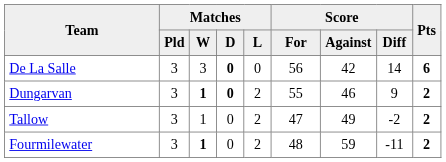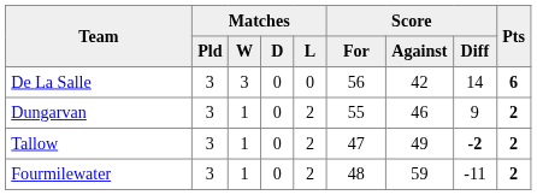 <table style=border-collapse:collapse border=1 cellspacing=0 cellpadding=5>
 <tr align=center bgcolor=#efefef>
 <th rowspan=2 width=165>Team</th>
 <th colspan=4>Matches</th>
 <th colspan=3>Score</th>
 <th rowspan=2width=20>Pts</th>
 </tr>
 <tr align=center bgcolor=#efefef>
 <th width=20>Pld</th>
 <th width=20>W</th>
 <th width=20>D</th>
 <th width=20>L</th>
 <th width=45>For</th>
 <th width=45>Against</th>
 <th width=30>Diff</th>
 </tr>
 <tr align=center>
 <td style="text-align:left;"><a href='#'>De La Salle</a></td>
 <td>3</td>
 <td>3</td>
-<td><strong>0</strong></td>
+<td>0</td>
 <td>0</td>
 <td>56</td>
 <td>42</td>
 <td>14</td>
 <td><strong>6</strong></td>
 </tr>
 <tr align=center>
 <td style="text-align:left;"><a href='#'>Dungarvan</a></td>
 <td>3</td>
-<td><strong>1</strong></td>
-<td><strong>0</strong></td>
+<td>1</td>
+<td>0</td>
 <td>2</td>
 <td>55</td>
 <td>46</td>
 <td>9</td>
 <td><strong>2</strong></td>
 </tr>
 <tr align=center>
 <td style="text-align:left;"><a href='#'>Tallow</a></td>
 <td>3</td>
 <td>1</td>
 <td>0</td>
 <td>2</td>
 <td>47</td>
 <td>49</td>
-<td>-2</td>
+<td><strong>-2</strong></td>
 <td><strong>2</strong></td>
 </tr>
 <tr align=center>
 <td style="text-align:left;"><a href='#'>Fourmilewater</a></td>
 <td>3</td>
-<td><strong>1</strong></td>
+<td>1</td>
 <td>0</td>
 <td>2</td>
 <td>48</td>
 <td>59</td>
 <td>-11</td>
 <td><strong>2</strong></td>
 </tr>
 </table>
